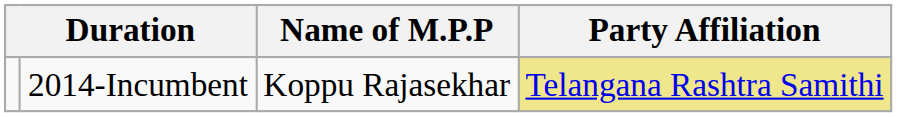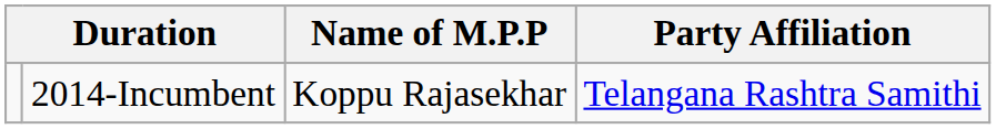 <table class="wikitable">
 <tr>
 <th colspan="2">Duration</th>
 <th>Name of M.P.P</th>
 <th>Party Affiliation</th>
 </tr>
 <tr>
 <td style="background-color: "></td>
 <td>2014-Incumbent</td>
 <td>Koppu Rajasekhar</td>
-<td style="background: khaki;"><a href='#'>Telangana Rashtra Samithi</a></td>
+<td><a href='#'>Telangana Rashtra Samithi</a></td>
 </tr>
 </table>
